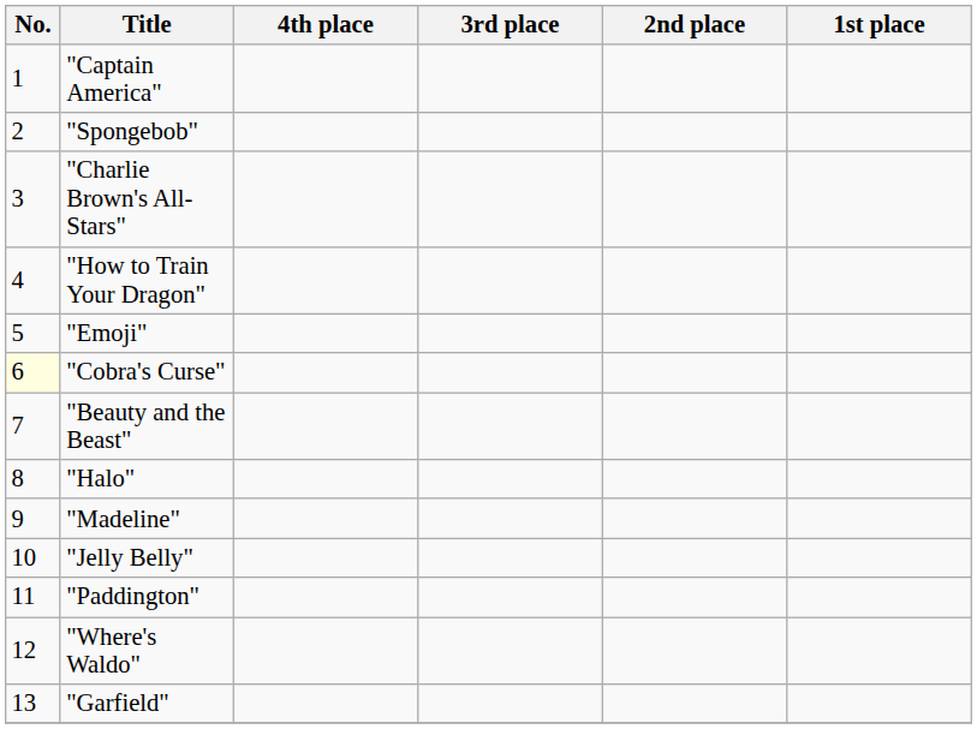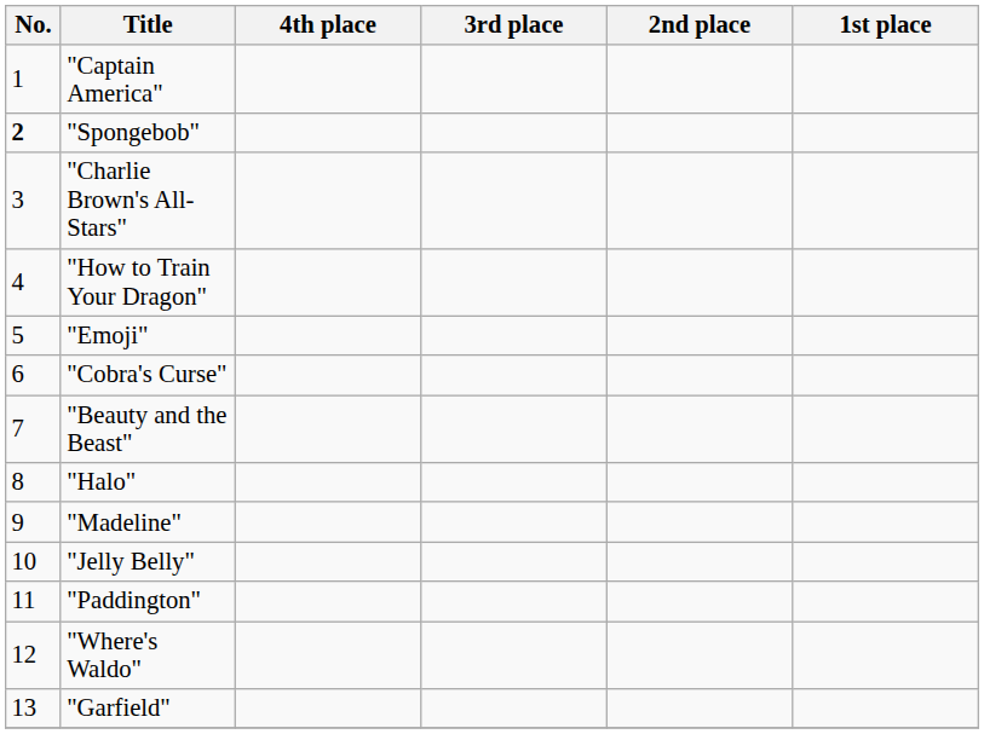 <table class="wikitable plainrowheaders" style="width:100%;">
 <tr>
 <th width=2%>No.</th>
 <th width=8%>Title</th>
 <th width=14%>4th place</th>
 <th width=14%>3rd place</th>
 <th width=14%>2nd place</th>
 <th width=14%>1st place</th>
 </tr>
 <tr>
 <td>1</td>
 <td>"Captain America"</td>
 <td></td>
 <td></td>
 <td></td>
 <td></td>
 </tr>
 <tr>
-<td>2</td>
+<td><strong>2</strong></td>
 <td>"Spongebob"</td>
 <td></td>
 <td></td>
 <td></td>
 <td></td>
 </tr>
 <tr>
 <td>3</td>
 <td>"Charlie Brown's All-Stars"</td>
 <td></td>
 <td></td>
 <td></td>
 <td></td>
 </tr>
 <tr>
 <td>4</td>
 <td>"How to Train Your Dragon"</td>
 <td></td>
 <td></td>
 <td></td>
 <td></td>
 </tr>
 <tr>
 <td>5</td>
 <td>"Emoji"</td>
 <td></td>
 <td></td>
 <td></td>
 <td></td>
 </tr>
 <tr>
-<td style="background: lightyellow;">6</td>
+<td>6</td>
 <td>"Cobra's Curse"</td>
 <td></td>
 <td></td>
 <td></td>
 <td></td>
 </tr>
 <tr>
 <td>7</td>
 <td>"Beauty and the Beast"</td>
 <td></td>
 <td></td>
 <td></td>
 <td></td>
 </tr>
 <tr>
 <td>8</td>
 <td>"Halo"</td>
 <td></td>
 <td></td>
 <td></td>
 <td></td>
 </tr>
 <tr>
 <td>9</td>
 <td>"Madeline"</td>
 <td></td>
 <td></td>
 <td></td>
 <td></td>
 </tr>
 <tr>
 <td>10</td>
 <td>"Jelly Belly"</td>
 <td></td>
 <td></td>
 <td></td>
 <td></td>
 </tr>
 <tr>
 <td>11</td>
 <td>"Paddington"</td>
 <td></td>
 <td></td>
 <td></td>
 <td></td>
 </tr>
 <tr>
 <td>12</td>
 <td>"Where's Waldo"</td>
 <td></td>
 <td></td>
 <td></td>
 <td></td>
 </tr>
 <tr>
 <td>13</td>
 <td>"Garfield"</td>
 <td></td>
 <td></td>
 <td></td>
 <td></td>
 </tr>
 <tr>
 </tr>
 </table>
